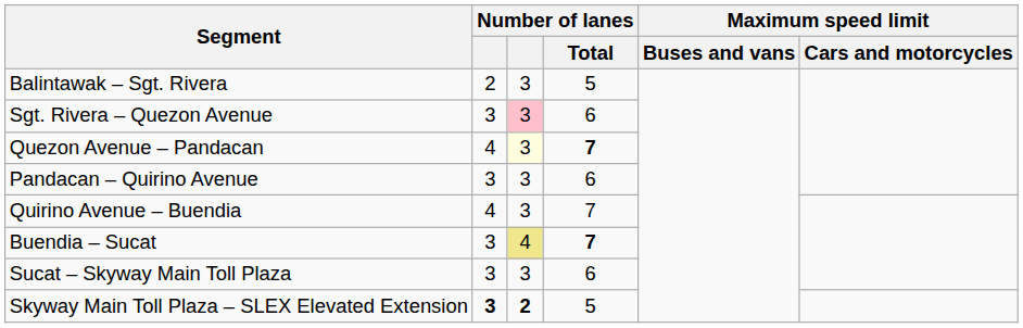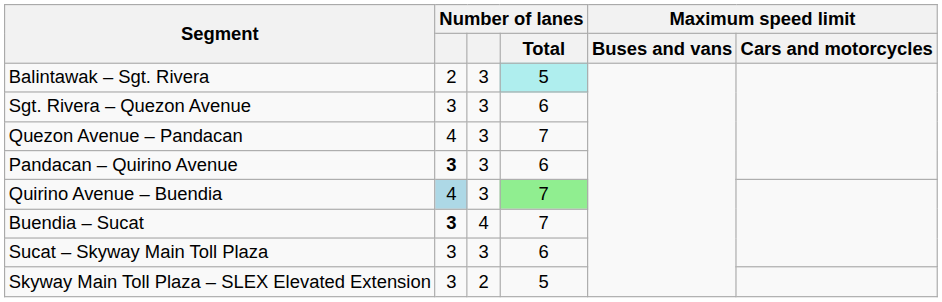 <table class="wikitable collapsible">
 <tr>
 <th rowspan=2>Segment</th>
 <th colspan=3>Number of lanes</th>
 <th colspan=2>Maximum speed limit</th>
 </tr>
 <tr>
 <th></th>
 <th></th>
 <th>Total</th>
 <th>Buses and vans</th>
 <th>Cars and motorcycles</th>
 </tr>
 <tr>
 <td>Balintawak – Sgt. Rivera</td>
 <td align="center">2</td>
 <td align="center">3</td>
-<td align="center">5</td>
+<td align="center" style="background: paleturquoise;">5</td>
 <td rowspan=8></td>
 <td rowspan=4></td>
 </tr>
 <tr>
 <td>Sgt. Rivera – Quezon Avenue</td>
 <td align="center">3</td>
-<td align="center" style="background: pink;">3</td>
+<td align="center">3</td>
 <td align="center">6</td>
 </tr>
 <tr>
 <td>Quezon Avenue – Pandacan</td>
 <td align="center">4</td>
-<td align="center" style="background: lightyellow;">3</td>
-<td align="center"><strong>7</strong></td>
+<td align="center">3</td>
+<td align="center">7</td>
 </tr>
 <tr>
 <td>Pandacan – Quirino Avenue</td>
-<td align="center">3</td>
+<td align="center"><strong>3</strong></td>
 <td align="center">3</td>
 <td align="center">6</td>
 </tr>
 <tr>
 <td>Quirino Avenue – Buendia</td>
-<td align="center">4</td>
+<td align="center" style="background: lightblue;">4</td>
 <td align="center">3</td>
-<td align="center">7</td>
+<td align="center" style="background: lightgreen;">7</td>
 <td rowspan=3></td>
 </tr>
 <tr>
 <td>Buendia – Sucat</td>
-<td align="center">3</td>
-<td align="center" style="background: khaki;">4</td>
-<td align="center"><strong>7</strong></td>
+<td align="center"><strong>3</strong></td>
+<td align="center">4</td>
+<td align="center">7</td>
 </tr>
 <tr>
 <td>Sucat – Skyway Main Toll Plaza</td>
 <td align="center">3</td>
 <td align="center">3</td>
 <td align="center">6</td>
 </tr>
 <tr>
 <td>Skyway Main Toll Plaza – SLEX Elevated Extension</td>
-<td align="center"><strong>3</strong></td>
-<td align="center"><strong>2</strong></td>
+<td align="center">3</td>
+<td align="center">2</td>
 <td align="center">5</td>
 <td rowspan=3></td>
 </tr>
 </table>
